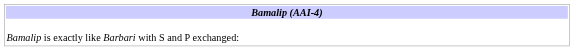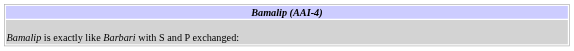 <table class="collapsible collapsed" style="width: 100%; border: 1px solid #aaaaaa;">
 <tr>
 <th bgcolor="#ccccff"><em>Bamalip (AAI-4)</em></th>
 </tr>
 <tr>
-<td><br> <em>Bamalip</em> is exactly like <em>Barbari</em> with S and P exchanged:  </td>
+<td style="background: lightgrey;"><br> <em>Bamalip</em> is exactly like <em>Barbari</em> with S and P exchanged:  </td>
 </tr>
 </table>
